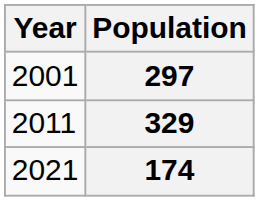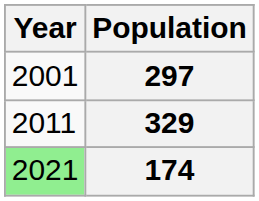 <table class="wikitable sortable plainrowheaders">
 <tr>
 <th scope="col">Year</th>
 <th scope="col">Population</th>
 </tr>
 <tr>
 <td>2001</td>
 <th scope="row">297</th>
 </tr>
 <tr>
 <td>2011</td>
 <th scope="row">329</th>
 </tr>
 <tr>
-<td>2021</td>
+<td style="background: lightgreen;">2021</td>
 <th scope="row">174</th>
 </tr>
 </table>
